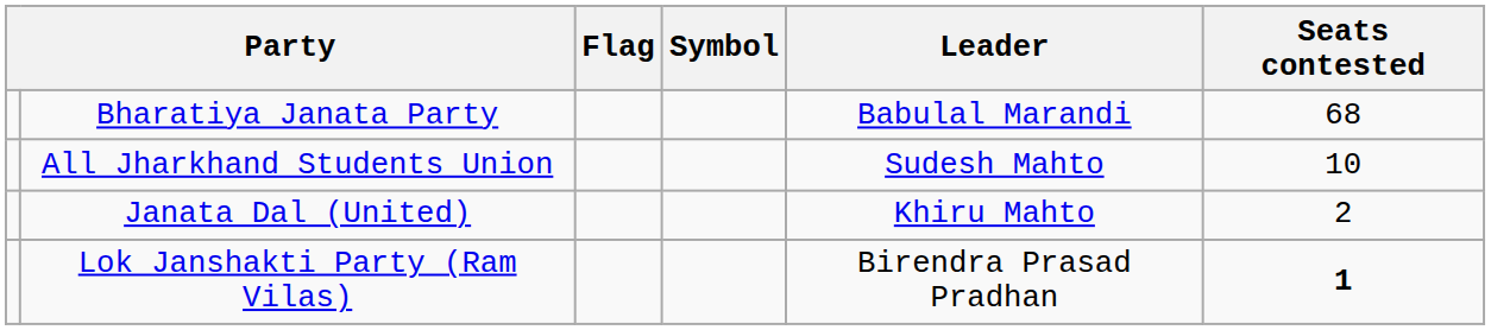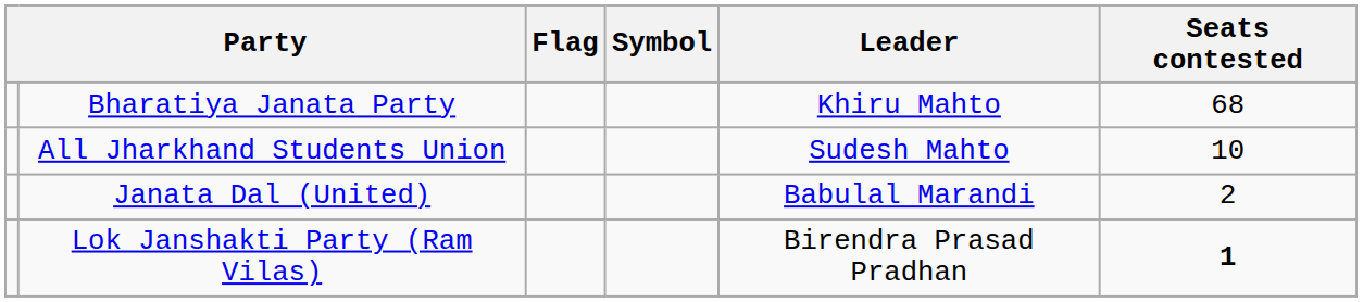 <table class="wikitable" width="50%" style="text-align:center;">
 <tr>
 <th colspan="2">Party</th>
 <th>Flag</th>
 <th>Symbol</th>
 <th>Leader</th>
 <th>Seats contested</th>
 </tr>
 <tr>
 <td></td>
 <td><a href='#'>Bharatiya Janata Party</a></td>
 <td></td>
 <td></td>
-<td><a href='#'>Babulal Marandi</a></td>
+<td><a href='#'>Khiru Mahto</a></td>
 <td>68</td>
 </tr>
 <tr>
 <td></td>
 <td><a href='#'>All Jharkhand Students Union</a></td>
 <td></td>
 <td></td>
 <td><a href='#'>Sudesh Mahto</a></td>
 <td>10</td>
 </tr>
 <tr>
 <td></td>
 <td><a href='#'>Janata Dal (United)</a></td>
 <td></td>
 <td></td>
-<td><a href='#'>Khiru Mahto</a></td>
+<td><a href='#'>Babulal Marandi</a></td>
 <td>2</td>
 </tr>
 <tr>
 <td style="text-align:center; background:"></td>
 <td><a href='#'>Lok Janshakti Party (Ram Vilas)</a></td>
 <td></td>
 <td></td>
 <td>Birendra Prasad Pradhan</td>
 <td><strong>1</strong></td>
 </tr>
 </table>
